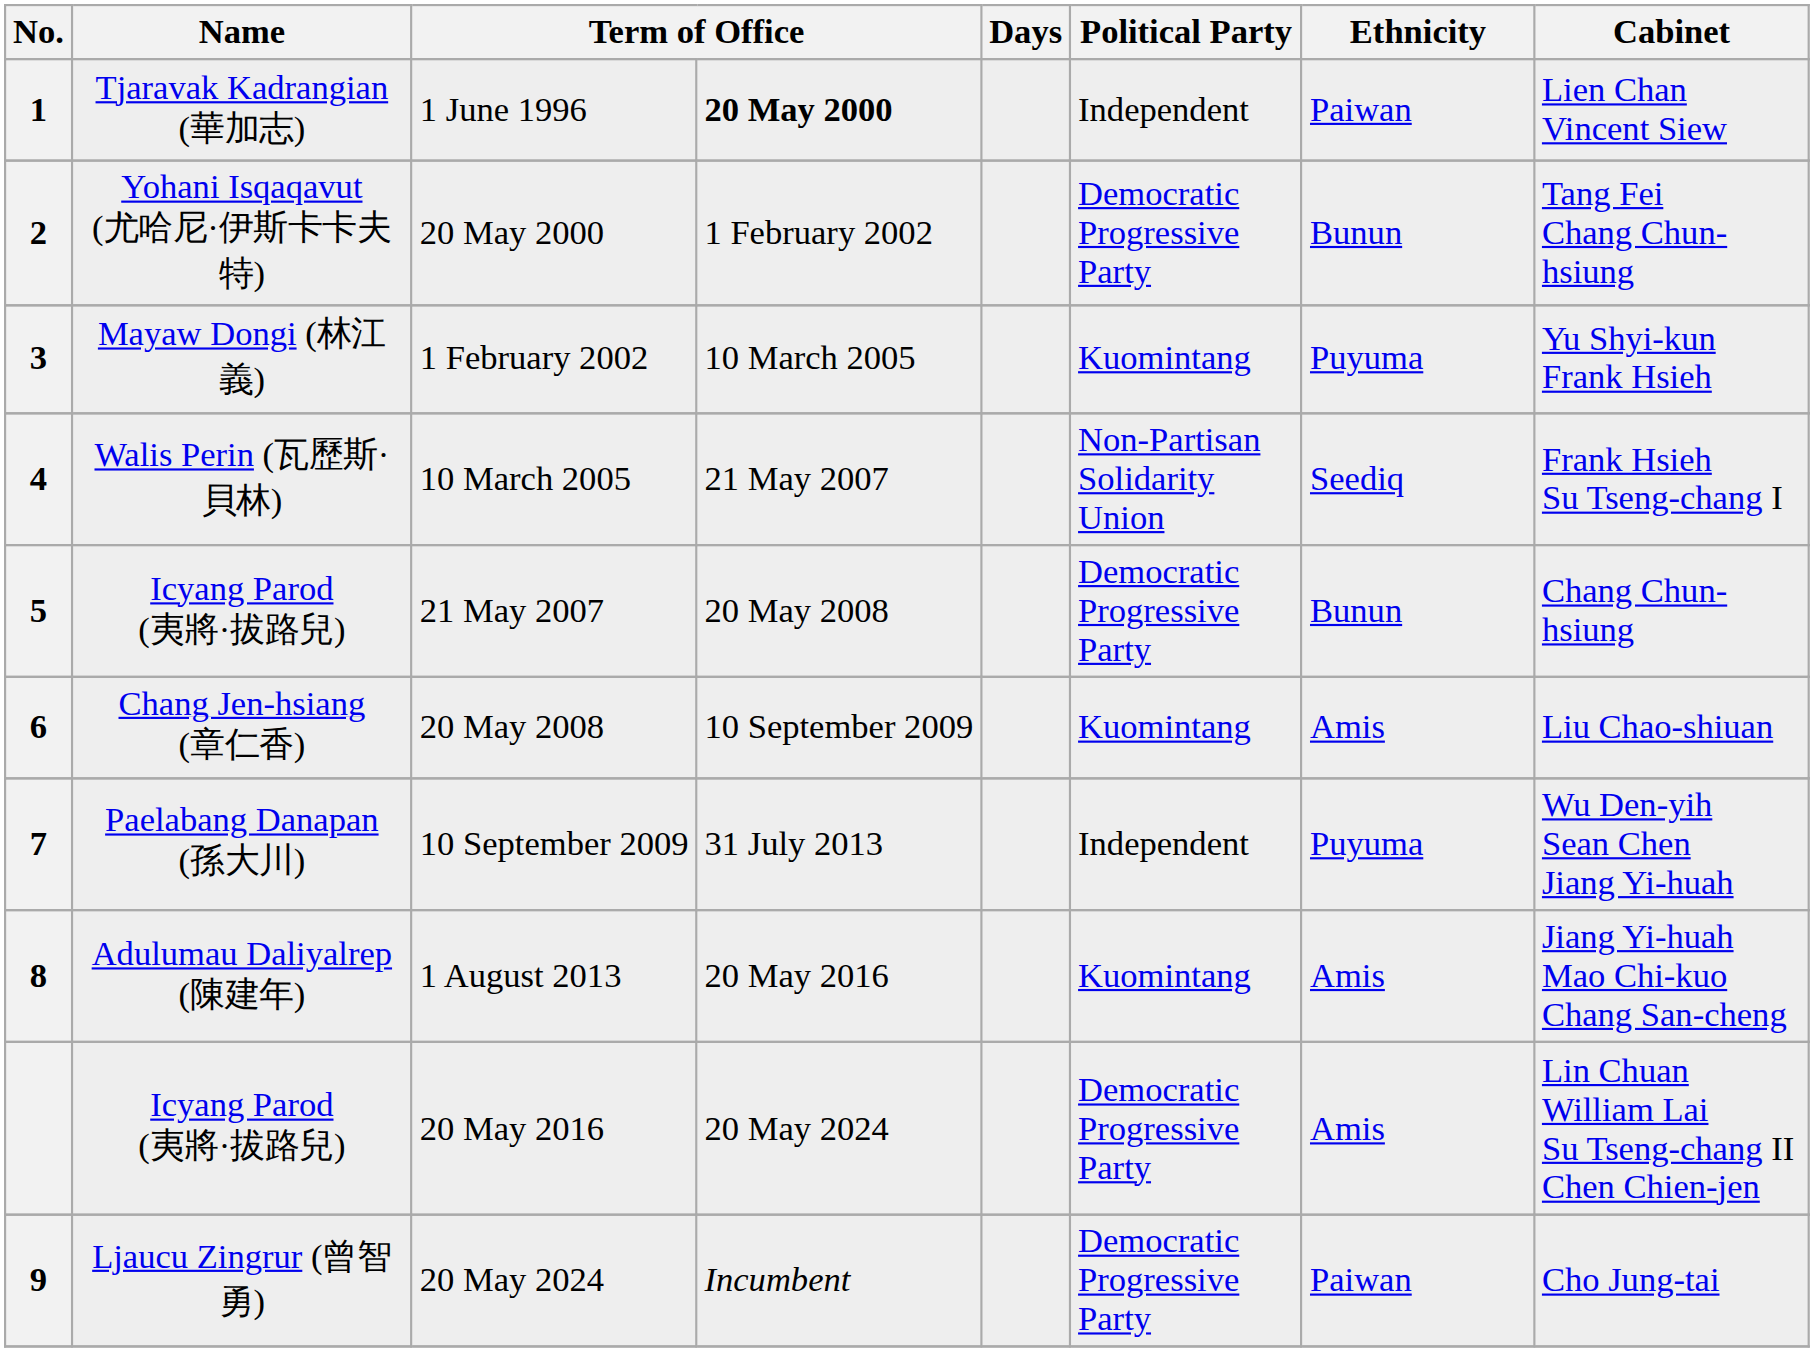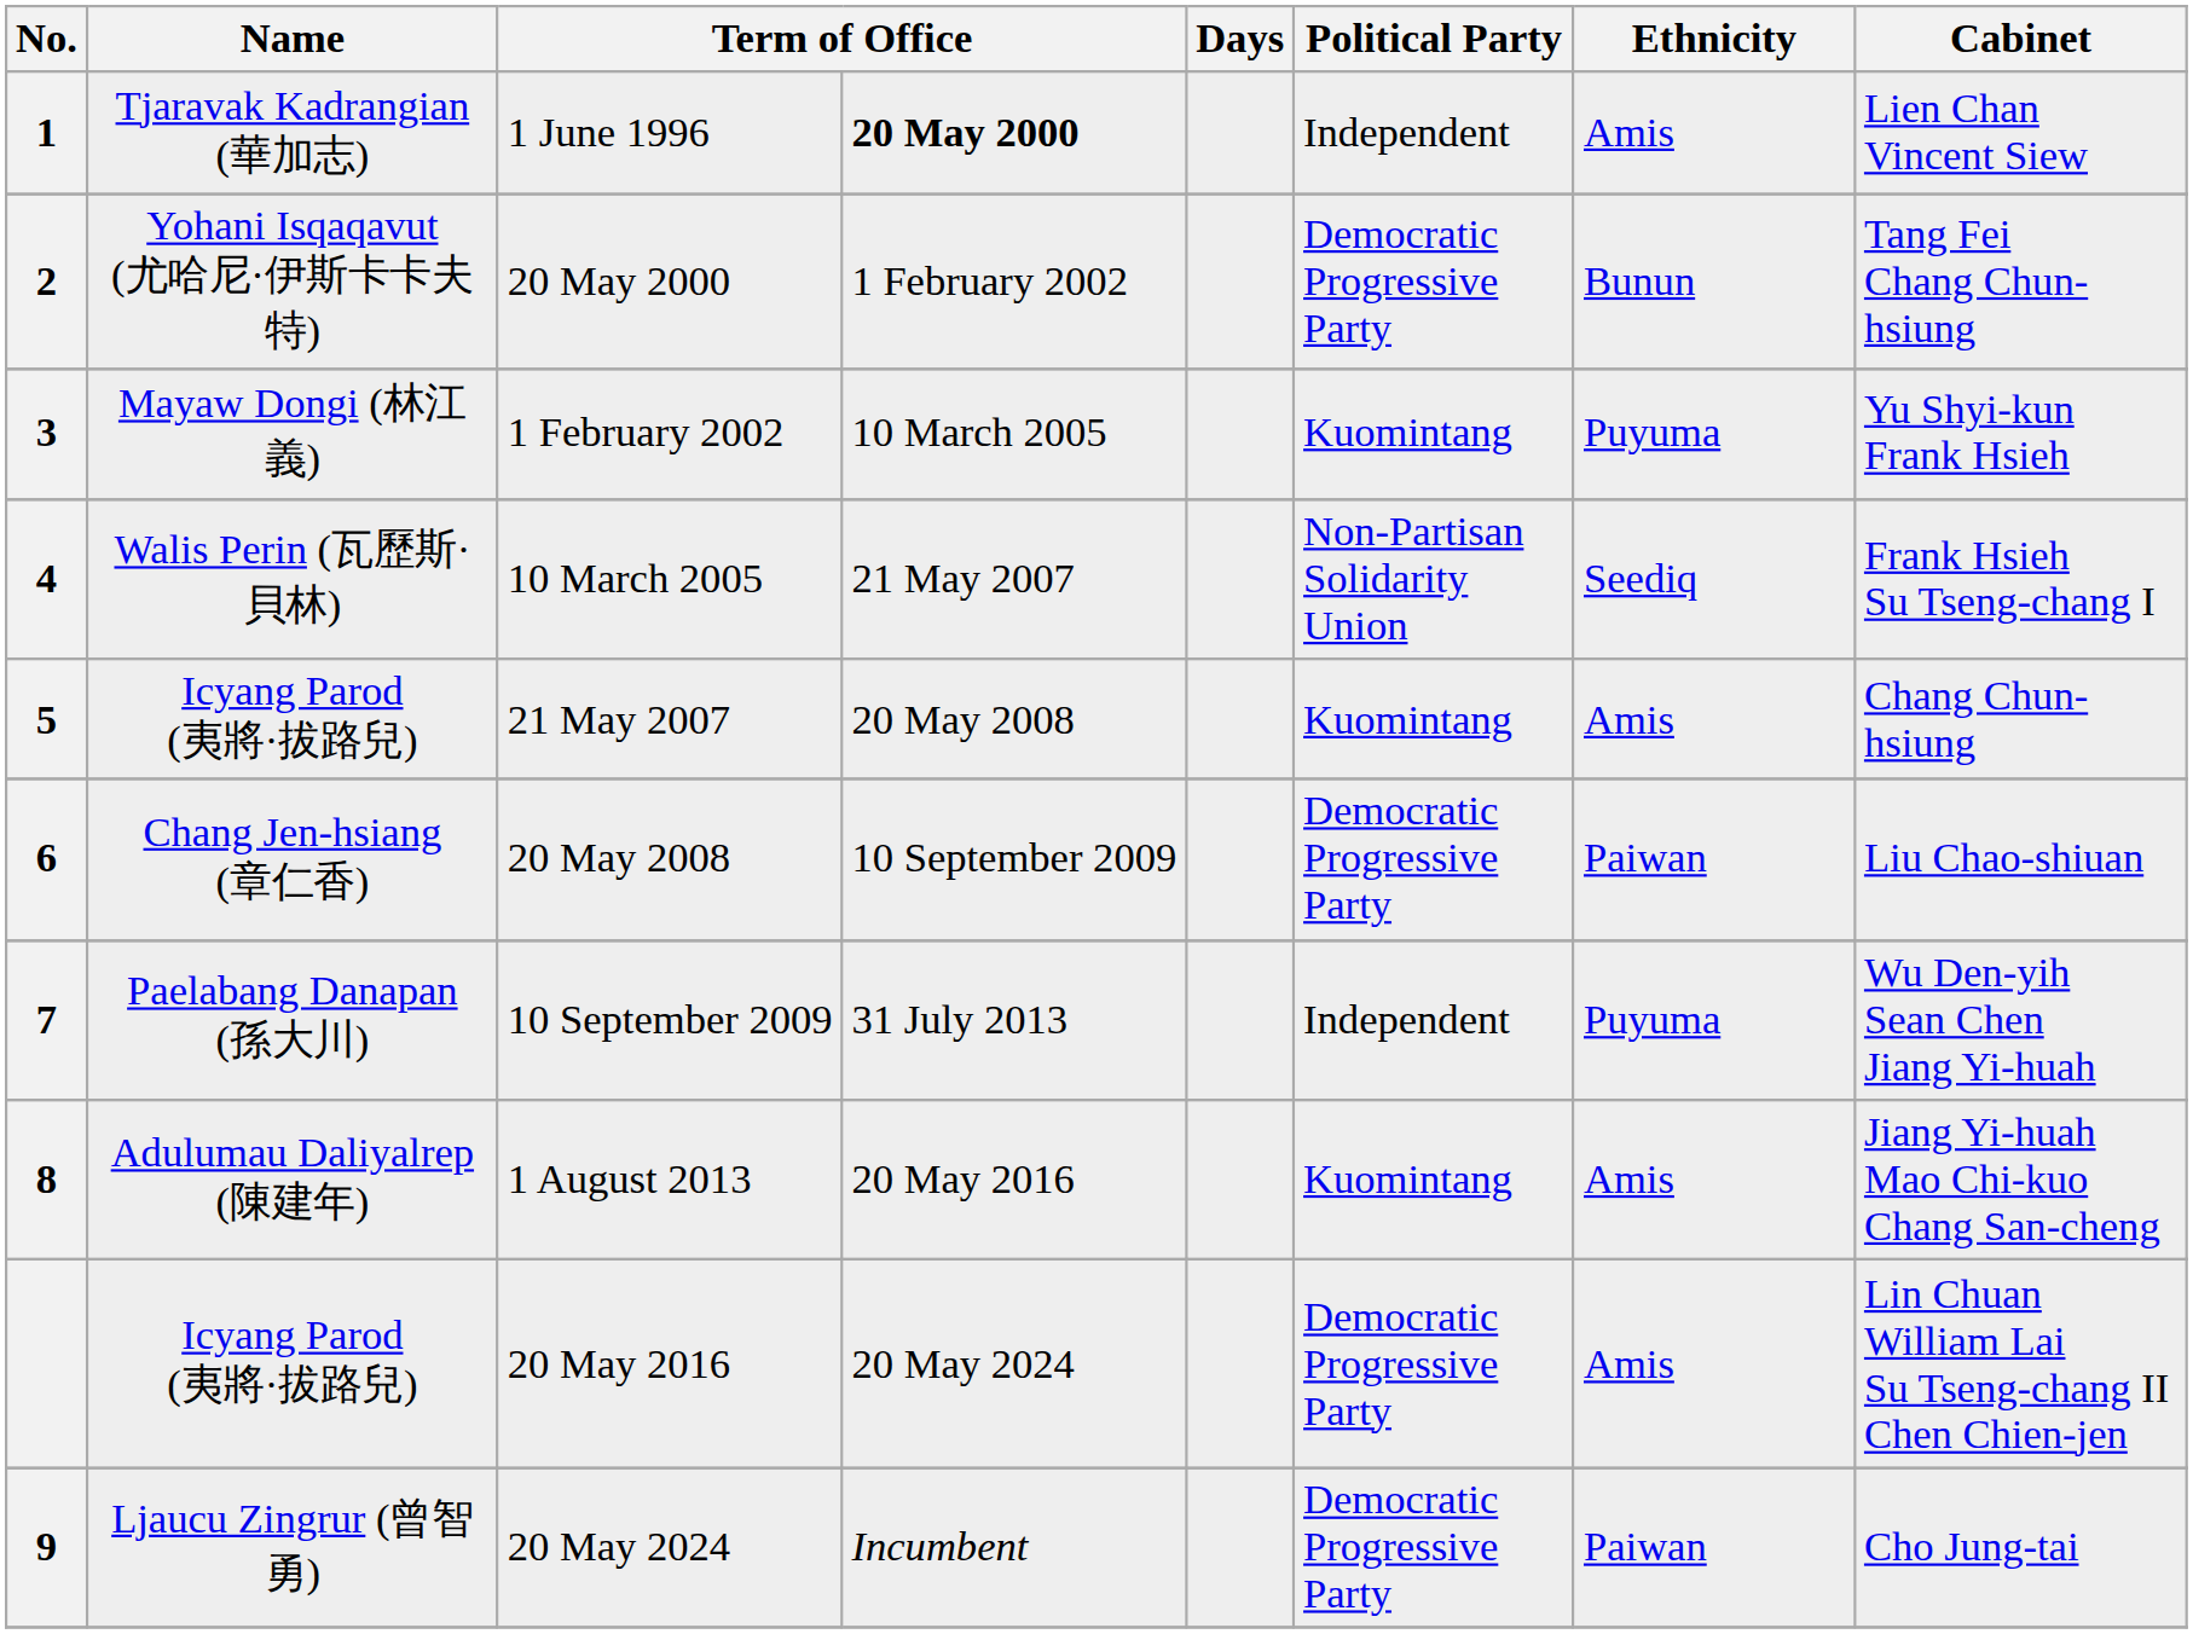 <table class="wikitable">
 <tr ->
 <th>No.</th>
 <th width="150">Name</th>
 <th colspan=2 width="180">Term of Office</th>
 <th>Days</th>
 <th width="100">Political Party</th>
 <th width="100">Ethnicity</th>
 <th width="120">Cabinet</th>
 </tr>
 <tr ->
 </tr>
 <tr - bgcolor=#EEEEEE>
 <th style="background:">1</th>
 <td align=center><a href='#'>Tjaravak Kadrangian</a> (華加志)</td>
 <td>1 June 1996</td>
 <td><strong>20 May 2000</strong></td>
 <td></td>
 <td>Independent</td>
-<td><a href='#'>Paiwan</a></td>
+<td><a href='#'>Amis</a></td>
 <td><a href='#'>Lien Chan</a><br><a href='#'>Vincent Siew</a></td>
 </tr>
 <tr ->
 </tr>
 <tr - bgcolor=#EEEEEE>
 <th style="background:">2</th>
 <td align=center><a href='#'>Yohani Isqaqavut</a> <br>(尤哈尼·伊斯卡卡夫特)</td>
 <td>20 May 2000</td>
 <td>1 February 2002</td>
 <td></td>
 <td><a href='#'>Democratic Progressive Party</a></td>
 <td><a href='#'>Bunun</a></td>
 <td><a href='#'>Tang Fei</a><br><a href='#'>Chang Chun-hsiung</a></td>
 </tr>
 <tr ->
 </tr>
 <tr - bgcolor=#EEEEEE>
 <th style="background:">3</th>
 <td align=center><a href='#'>Mayaw Dongi</a> (林江義)</td>
 <td>1 February 2002</td>
 <td>10 March 2005</td>
 <td></td>
 <td><a href='#'>Kuomintang</a></td>
 <td><a href='#'>Puyuma</a></td>
 <td><a href='#'>Yu Shyi-kun</a><br><a href='#'>Frank Hsieh</a></td>
 </tr>
 <tr ->
 </tr>
 <tr - bgcolor=#EEEEEE>
 <th style="background:">4</th>
 <td align=center><a href='#'>Walis Perin</a> (瓦歷斯·貝林)</td>
 <td>10 March 2005</td>
 <td>21 May 2007</td>
 <td></td>
 <td><a href='#'>Non-Partisan Solidarity Union</a></td>
 <td><a href='#'>Seediq</a></td>
 <td><a href='#'>Frank Hsieh</a><br><a href='#'>Su Tseng-chang</a> I</td>
 </tr>
 <tr ->
 </tr>
 <tr - bgcolor=#EEEEEE>
 <th style="background:">5</th>
 <td align=center><a href='#'>Icyang Parod</a> <br>(夷將·拔路兒)</td>
 <td>21 May 2007</td>
 <td>20 May 2008</td>
 <td></td>
-<td><a href='#'>Democratic Progressive Party</a></td>
-<td><a href='#'>Bunun</a></td>
+<td><a href='#'>Kuomintang</a></td>
+<td><a href='#'>Amis</a></td>
 <td><a href='#'>Chang Chun-hsiung</a></td>
 </tr>
 <tr ->
 </tr>
 <tr - bgcolor=#EEEEEE>
 <th style="background:">6</th>
 <td align=center><a href='#'>Chang Jen-hsiang</a> <br>(章仁香)</td>
 <td>20 May 2008</td>
 <td>10 September 2009</td>
 <td></td>
-<td><a href='#'>Kuomintang</a></td>
-<td><a href='#'>Amis</a></td>
+<td><a href='#'>Democratic Progressive Party</a></td>
+<td><a href='#'>Paiwan</a></td>
 <td><a href='#'>Liu Chao-shiuan</a></td>
 </tr>
 <tr ->
 </tr>
 <tr - bgcolor=#EEEEEE>
 <th style="background:">7</th>
 <td align=center><a href='#'>Paelabang Danapan</a> <br>(孫大川)</td>
 <td>10 September 2009</td>
 <td>31 July 2013</td>
 <td></td>
 <td>Independent</td>
 <td><a href='#'>Puyuma</a></td>
 <td><a href='#'>Wu Den-yih</a><br><a href='#'>Sean Chen</a><br><a href='#'>Jiang Yi-huah</a></td>
 </tr>
 <tr ->
 </tr>
 <tr - bgcolor=#EEEEEE>
 <th style="background:">8</th>
 <td align=center><a href='#'>Adulumau Daliyalrep</a> (陳建年)</td>
 <td>1 August 2013</td>
 <td>20 May 2016</td>
 <td></td>
 <td><a href='#'>Kuomintang</a></td>
 <td><a href='#'>Amis</a></td>
 <td><a href='#'>Jiang Yi-huah</a><br><a href='#'>Mao Chi-kuo</a><br><a href='#'>Chang San-cheng</a></td>
 </tr>
 <tr ->
 </tr>
 <tr - bgcolor=#EEEEEE>
 <th style="background:"></th>
 <td align=center><a href='#'>Icyang Parod</a> <br>(夷將·拔路兒)</td>
 <td>20 May 2016</td>
 <td>20 May 2024</td>
 <td></td>
 <td><a href='#'>Democratic Progressive Party</a></td>
 <td><a href='#'>Amis</a></td>
 <td><a href='#'>Lin Chuan</a><br><a href='#'>William Lai</a><br><a href='#'>Su Tseng-chang</a> II<br><a href='#'>Chen Chien-jen</a></td>
 </tr>
 <tr ->
 </tr>
 <tr - bgcolor=#EEEEEE>
 <th style="background:">9</th>
 <td align=center><a href='#'>Ljaucu Zingrur</a> (曾智勇)</td>
 <td>20 May 2024</td>
 <td><em>Incumbent</em></td>
 <td></td>
 <td><a href='#'>Democratic Progressive Party</a></td>
 <td><a href='#'>Paiwan</a></td>
 <td><a href='#'>Cho Jung-tai</a></td>
 </tr>
 <tr ->
 </tr>
 </table>
